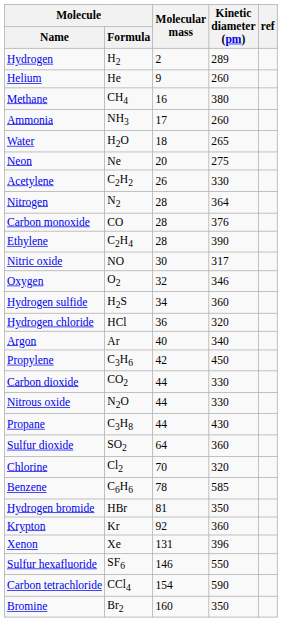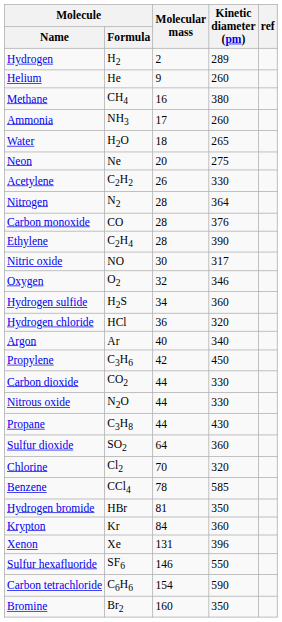 <table class="sortable wikitable" style="halign:center;">
 <tr>
 <th colspan=2>Molecule</th>
 <th rowspan=2>Molecular<br>mass</th>
 <th rowspan=2>Kinetic<br>diameter<br> (<a href='#'>pm</a>)</th>
 <th rowspan=2>ref</th>
 </tr>
 <tr>
 <th>Name</th>
 <th>Formula</th>
 </tr>
 <tr>
 <td><a href='#'>Hydrogen</a></td>
 <td>H<sub>2</sub></td>
 <td>2</td>
 <td>289</td>
 <td></td>
 </tr>
 <tr>
 <td><a href='#'>Helium</a></td>
 <td>He</td>
 <td>9</td>
 <td>260</td>
 <td></td>
 </tr>
 <tr>
 <td><a href='#'>Methane</a></td>
 <td>CH<sub>4</sub></td>
 <td>16</td>
 <td>380</td>
 <td></td>
 </tr>
 <tr>
 <td><a href='#'>Ammonia</a></td>
 <td>NH<sub>3</sub></td>
 <td>17</td>
 <td>260</td>
 <td></td>
 </tr>
 <tr>
 <td><a href='#'>Water</a></td>
 <td>H<sub>2</sub>O</td>
 <td>18</td>
 <td>265</td>
 <td></td>
 </tr>
 <tr>
 <td><a href='#'>Neon</a></td>
 <td>Ne</td>
 <td>20</td>
 <td>275</td>
 <td></td>
 </tr>
 <tr>
 <td><a href='#'>Acetylene</a></td>
 <td>C<sub>2</sub>H<sub>2</sub></td>
 <td>26</td>
 <td>330</td>
 <td></td>
 </tr>
 <tr>
 <td><a href='#'>Nitrogen</a></td>
 <td>N<sub>2</sub></td>
 <td>28</td>
 <td>364</td>
 <td></td>
 </tr>
 <tr>
 <td><a href='#'>Carbon monoxide</a></td>
 <td>CO</td>
 <td>28</td>
 <td>376</td>
 <td></td>
 </tr>
 <tr>
 <td><a href='#'>Ethylene</a></td>
 <td>C<sub>2</sub>H<sub>4</sub></td>
 <td>28</td>
 <td>390</td>
 <td></td>
 </tr>
 <tr>
 <td><a href='#'>Nitric oxide</a></td>
 <td>NO</td>
 <td>30</td>
 <td>317</td>
 <td></td>
 </tr>
 <tr>
 <td><a href='#'>Oxygen</a></td>
 <td>O<sub>2</sub></td>
 <td>32</td>
 <td>346</td>
 <td></td>
 </tr>
 <tr>
 <td><a href='#'>Hydrogen sulfide</a></td>
 <td>H<sub>2</sub>S</td>
 <td>34</td>
 <td>360</td>
 <td></td>
 </tr>
 <tr>
 <td><a href='#'>Hydrogen chloride</a></td>
 <td>HCl</td>
 <td>36</td>
 <td>320</td>
 <td></td>
 </tr>
 <tr>
 <td><a href='#'>Argon</a></td>
 <td>Ar</td>
 <td>40</td>
 <td>340</td>
 <td></td>
 </tr>
 <tr>
 <td><a href='#'>Propylene</a></td>
 <td>C<sub>3</sub>H<sub>6</sub></td>
 <td>42</td>
 <td>450</td>
 <td></td>
 </tr>
 <tr>
 <td><a href='#'>Carbon dioxide</a></td>
 <td>CO<sub>2</sub></td>
 <td>44</td>
 <td>330</td>
 <td></td>
 </tr>
 <tr>
 <td><a href='#'>Nitrous oxide</a></td>
 <td>N<sub>2</sub>O</td>
 <td>44</td>
 <td>330</td>
 <td></td>
 </tr>
 <tr>
 <td><a href='#'>Propane</a></td>
 <td>C<sub>3</sub>H<sub>8</sub></td>
 <td>44</td>
 <td>430</td>
 <td></td>
 </tr>
 <tr>
 <td><a href='#'>Sulfur dioxide</a></td>
 <td>SO<sub>2</sub></td>
 <td>64</td>
 <td>360</td>
 <td></td>
 </tr>
 <tr>
 <td><a href='#'>Chlorine</a></td>
 <td>Cl<sub>2</sub></td>
 <td>70</td>
 <td>320</td>
 <td></td>
 </tr>
 <tr>
 <td><a href='#'>Benzene</a></td>
-<td>C<sub>6</sub>H<sub>6</sub></td>
+<td>CCl<sub>4</sub></td>
 <td>78</td>
 <td>585</td>
 <td></td>
 </tr>
 <tr>
 <td><a href='#'>Hydrogen bromide</a></td>
 <td>HBr</td>
 <td>81</td>
 <td>350</td>
 <td></td>
 </tr>
 <tr>
 <td><a href='#'>Krypton</a></td>
 <td>Kr</td>
-<td>92</td>
+<td>84</td>
 <td>360</td>
 <td></td>
 </tr>
 <tr>
 <td><a href='#'>Xenon</a></td>
 <td>Xe</td>
 <td>131</td>
 <td>396</td>
 <td></td>
 </tr>
 <tr>
 <td><a href='#'>Sulfur hexafluoride</a></td>
 <td>SF<sub>6</sub></td>
 <td>146</td>
 <td>550</td>
 <td></td>
 </tr>
 <tr>
 <td><a href='#'>Carbon tetrachloride</a></td>
-<td>CCl<sub>4</sub></td>
+<td>C<sub>6</sub>H<sub>6</sub></td>
 <td>154</td>
 <td>590</td>
 <td></td>
 </tr>
 <tr>
 <td><a href='#'>Bromine</a></td>
 <td>Br<sub>2</sub></td>
 <td>160</td>
 <td>350</td>
 <td></td>
 </tr>
 </table>
